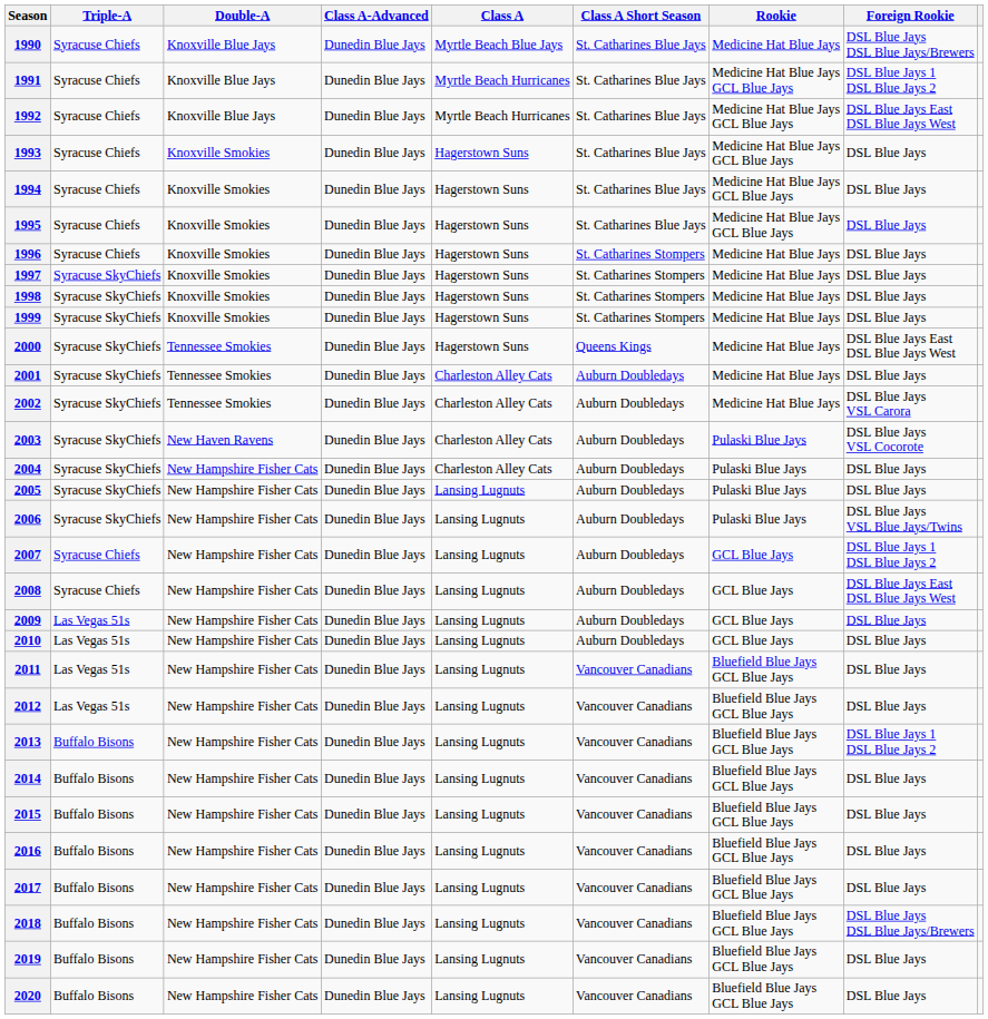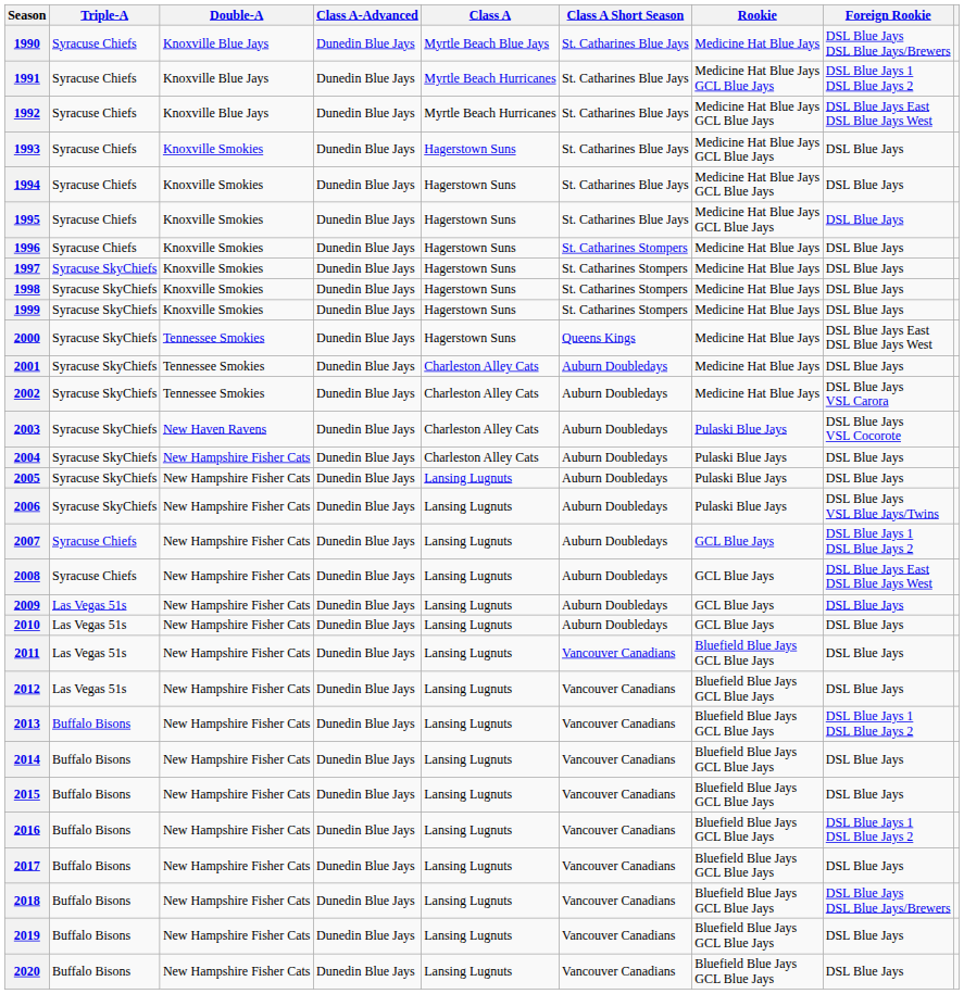 <table class="wikitable plainrowheaders">
 <tr>
 <th scope="col">Season</th>
 <th scope="col"><a href='#'><span>Triple-A</span></a></th>
 <th scope="col"><a href='#'><span>Double-A</span></a></th>
 <th scope="col"><a href='#'><span>Class A-Advanced</span></a></th>
 <th scope="col"><a href='#'><span>Class A</span></a></th>
 <th scope="col"><a href='#'><span>Class A Short Season</span></a></th>
 <th scope="col"><a href='#'><span>Rookie</span></a></th>
 <th scope="col"><a href='#'><span>Foreign Rookie</span></a></th>
 <th scope="col"></th>
 </tr>
 <tr>
 <th scope="row" style="text-align:center"><a href='#'>1990</a></th>
 <td><a href='#'>Syracuse Chiefs</a></td>
 <td><a href='#'>Knoxville Blue Jays</a></td>
 <td><a href='#'>Dunedin Blue Jays</a></td>
 <td><a href='#'>Myrtle Beach Blue Jays</a></td>
 <td><a href='#'>St. Catharines Blue Jays</a></td>
 <td><a href='#'>Medicine Hat Blue Jays</a></td>
 <td><a href='#'>DSL Blue Jays</a><br><a href='#'>DSL Blue Jays/Brewers</a></td>
 <td align="center"></td>
 </tr>
 <tr>
 <th scope="row" style="text-align:center"><a href='#'>1991</a></th>
 <td>Syracuse Chiefs</td>
 <td>Knoxville Blue Jays</td>
 <td>Dunedin Blue Jays</td>
 <td><a href='#'>Myrtle Beach Hurricanes</a></td>
 <td>St. Catharines Blue Jays</td>
 <td>Medicine Hat Blue Jays<br><a href='#'>GCL Blue Jays</a></td>
 <td><a href='#'>DSL Blue Jays 1</a><br><a href='#'>DSL Blue Jays 2</a></td>
 <td align="center"></td>
 </tr>
 <tr>
 <th scope="row" style="text-align:center"><a href='#'>1992</a></th>
 <td>Syracuse Chiefs</td>
 <td>Knoxville Blue Jays</td>
 <td>Dunedin Blue Jays</td>
 <td>Myrtle Beach Hurricanes</td>
 <td>St. Catharines Blue Jays</td>
 <td>Medicine Hat Blue Jays<br>GCL Blue Jays</td>
 <td><a href='#'>DSL Blue Jays East</a><br><a href='#'>DSL Blue Jays West</a></td>
 <td align="center"></td>
 </tr>
 <tr>
 <th scope="row" style="text-align:center"><a href='#'>1993</a></th>
 <td>Syracuse Chiefs</td>
 <td><a href='#'>Knoxville Smokies</a></td>
 <td>Dunedin Blue Jays</td>
 <td><a href='#'>Hagerstown Suns</a></td>
 <td>St. Catharines Blue Jays</td>
 <td>Medicine Hat Blue Jays<br>GCL Blue Jays</td>
 <td>DSL Blue Jays</td>
 <td align="center"></td>
 </tr>
 <tr>
 <th scope="row" style="text-align:center"><a href='#'>1994</a></th>
 <td>Syracuse Chiefs</td>
 <td>Knoxville Smokies</td>
 <td>Dunedin Blue Jays</td>
 <td>Hagerstown Suns</td>
 <td>St. Catharines Blue Jays</td>
 <td>Medicine Hat Blue Jays<br>GCL Blue Jays</td>
 <td>DSL Blue Jays</td>
 <td align="center"></td>
 </tr>
 <tr>
 <th scope="row" style="text-align:center"><a href='#'>1995</a></th>
 <td>Syracuse Chiefs</td>
 <td>Knoxville Smokies</td>
 <td>Dunedin Blue Jays</td>
 <td>Hagerstown Suns</td>
 <td>St. Catharines Blue Jays</td>
 <td>Medicine Hat Blue Jays<br>GCL Blue Jays</td>
 <td><a href='#'>DSL Blue Jays</a></td>
 <td align="center"></td>
 </tr>
 <tr>
 <th scope="row" style="text-align:center"><a href='#'>1996</a></th>
 <td>Syracuse Chiefs</td>
 <td>Knoxville Smokies</td>
 <td>Dunedin Blue Jays</td>
 <td>Hagerstown Suns</td>
 <td><a href='#'>St. Catharines Stompers</a></td>
 <td>Medicine Hat Blue Jays</td>
 <td>DSL Blue Jays</td>
 <td align="center"></td>
 </tr>
 <tr>
 <th scope="row" style="text-align:center"><a href='#'>1997</a></th>
 <td><a href='#'>Syracuse SkyChiefs</a></td>
 <td>Knoxville Smokies</td>
 <td>Dunedin Blue Jays</td>
 <td>Hagerstown Suns</td>
 <td>St. Catharines Stompers</td>
 <td>Medicine Hat Blue Jays</td>
 <td>DSL Blue Jays</td>
 <td align="center"></td>
 </tr>
 <tr>
 <th scope="row" style="text-align:center"><a href='#'>1998</a></th>
 <td>Syracuse SkyChiefs</td>
 <td>Knoxville Smokies</td>
 <td>Dunedin Blue Jays</td>
 <td>Hagerstown Suns</td>
 <td>St. Catharines Stompers</td>
 <td>Medicine Hat Blue Jays</td>
 <td>DSL Blue Jays</td>
 <td align="center"></td>
 </tr>
 <tr>
 <th scope="row" style="text-align:center"><a href='#'>1999</a></th>
 <td>Syracuse SkyChiefs</td>
 <td>Knoxville Smokies</td>
 <td>Dunedin Blue Jays</td>
 <td>Hagerstown Suns</td>
 <td>St. Catharines Stompers</td>
 <td>Medicine Hat Blue Jays</td>
 <td>DSL Blue Jays</td>
 <td align="center"></td>
 </tr>
 <tr>
 <th scope="row" style="text-align:center"><a href='#'>2000</a></th>
 <td>Syracuse SkyChiefs</td>
 <td><a href='#'>Tennessee Smokies</a></td>
 <td>Dunedin Blue Jays</td>
 <td>Hagerstown Suns</td>
 <td><a href='#'>Queens Kings</a></td>
 <td>Medicine Hat Blue Jays</td>
 <td>DSL Blue Jays East<br>DSL Blue Jays West</td>
 <td align="center"></td>
 </tr>
 <tr>
 <th scope="row" style="text-align:center"><a href='#'>2001</a></th>
 <td>Syracuse SkyChiefs</td>
 <td>Tennessee Smokies</td>
 <td>Dunedin Blue Jays</td>
 <td><a href='#'>Charleston Alley Cats</a></td>
 <td><a href='#'>Auburn Doubledays</a></td>
 <td>Medicine Hat Blue Jays</td>
 <td>DSL Blue Jays</td>
 <td align="center"></td>
 </tr>
 <tr>
 <th scope="row" style="text-align:center"><a href='#'>2002</a></th>
 <td>Syracuse SkyChiefs</td>
 <td>Tennessee Smokies</td>
 <td>Dunedin Blue Jays</td>
 <td>Charleston Alley Cats</td>
 <td>Auburn Doubledays</td>
 <td>Medicine Hat Blue Jays</td>
 <td>DSL Blue Jays<br><a href='#'>VSL Carora</a></td>
 <td align="center"></td>
 </tr>
 <tr>
 <th scope="row" style="text-align:center"><a href='#'>2003</a></th>
 <td>Syracuse SkyChiefs</td>
 <td><a href='#'>New Haven Ravens</a></td>
 <td>Dunedin Blue Jays</td>
 <td>Charleston Alley Cats</td>
 <td>Auburn Doubledays</td>
 <td><a href='#'>Pulaski Blue Jays</a></td>
 <td>DSL Blue Jays<br><a href='#'>VSL Cocorote</a></td>
 <td align="center"></td>
 </tr>
 <tr>
 <th scope="row" style="text-align:center"><a href='#'>2004</a></th>
 <td>Syracuse SkyChiefs</td>
 <td><a href='#'>New Hampshire Fisher Cats</a></td>
 <td>Dunedin Blue Jays</td>
 <td>Charleston Alley Cats</td>
 <td>Auburn Doubledays</td>
 <td>Pulaski Blue Jays</td>
 <td>DSL Blue Jays</td>
 <td align="center"></td>
 </tr>
 <tr>
 <th scope="row" style="text-align:center"><a href='#'>2005</a></th>
 <td>Syracuse SkyChiefs</td>
 <td>New Hampshire Fisher Cats</td>
 <td>Dunedin Blue Jays</td>
 <td><a href='#'>Lansing Lugnuts</a></td>
 <td>Auburn Doubledays</td>
 <td>Pulaski Blue Jays</td>
 <td>DSL Blue Jays</td>
 <td align="center"></td>
 </tr>
 <tr>
 <th scope="row" style="text-align:center"><a href='#'>2006</a></th>
 <td>Syracuse SkyChiefs</td>
 <td>New Hampshire Fisher Cats</td>
 <td>Dunedin Blue Jays</td>
 <td>Lansing Lugnuts</td>
 <td>Auburn Doubledays</td>
 <td>Pulaski Blue Jays</td>
 <td>DSL Blue Jays<br><a href='#'>VSL Blue Jays/Twins</a></td>
 <td align="center"></td>
 </tr>
 <tr>
 <th scope="row" style="text-align:center"><a href='#'>2007</a></th>
 <td><a href='#'>Syracuse Chiefs</a></td>
 <td>New Hampshire Fisher Cats</td>
 <td>Dunedin Blue Jays</td>
 <td>Lansing Lugnuts</td>
 <td>Auburn Doubledays</td>
 <td><a href='#'>GCL Blue Jays</a></td>
 <td><a href='#'>DSL Blue Jays 1</a><br><a href='#'>DSL Blue Jays 2</a></td>
 <td align="center"></td>
 </tr>
 <tr>
 <th scope="row" style="text-align:center"><a href='#'>2008</a></th>
 <td>Syracuse Chiefs</td>
 <td>New Hampshire Fisher Cats</td>
 <td>Dunedin Blue Jays</td>
 <td>Lansing Lugnuts</td>
 <td>Auburn Doubledays</td>
 <td>GCL Blue Jays</td>
 <td><a href='#'>DSL Blue Jays East</a><br><a href='#'>DSL Blue Jays West</a></td>
 <td align="center"></td>
 </tr>
 <tr>
 <th scope="row" style="text-align:center"><a href='#'>2009</a></th>
 <td><a href='#'>Las Vegas 51s</a></td>
 <td>New Hampshire Fisher Cats</td>
 <td>Dunedin Blue Jays</td>
 <td>Lansing Lugnuts</td>
 <td>Auburn Doubledays</td>
 <td>GCL Blue Jays</td>
 <td><a href='#'>DSL Blue Jays</a></td>
 <td align="center"></td>
 </tr>
 <tr>
 <th scope="row" style="text-align:center"><a href='#'>2010</a></th>
 <td>Las Vegas 51s</td>
 <td>New Hampshire Fisher Cats</td>
 <td>Dunedin Blue Jays</td>
 <td>Lansing Lugnuts</td>
 <td>Auburn Doubledays</td>
 <td>GCL Blue Jays</td>
 <td>DSL Blue Jays</td>
 <td align="center"></td>
 </tr>
 <tr>
 <th scope="row" style="text-align:center"><a href='#'>2011</a></th>
 <td>Las Vegas 51s</td>
 <td>New Hampshire Fisher Cats</td>
 <td>Dunedin Blue Jays</td>
 <td>Lansing Lugnuts</td>
 <td><a href='#'>Vancouver Canadians</a></td>
 <td><a href='#'>Bluefield Blue Jays</a><br>GCL Blue Jays</td>
 <td>DSL Blue Jays</td>
 <td align="center"></td>
 </tr>
 <tr>
 <th scope="row" style="text-align:center"><a href='#'>2012</a></th>
 <td>Las Vegas 51s</td>
 <td>New Hampshire Fisher Cats</td>
 <td>Dunedin Blue Jays</td>
 <td>Lansing Lugnuts</td>
 <td>Vancouver Canadians</td>
 <td>Bluefield Blue Jays<br>GCL Blue Jays</td>
 <td>DSL Blue Jays</td>
 <td align="center"></td>
 </tr>
 <tr>
 <th scope="row" style="text-align:center"><a href='#'>2013</a></th>
 <td><a href='#'>Buffalo Bisons</a></td>
 <td>New Hampshire Fisher Cats</td>
 <td>Dunedin Blue Jays</td>
 <td>Lansing Lugnuts</td>
 <td>Vancouver Canadians</td>
 <td>Bluefield Blue Jays<br>GCL Blue Jays</td>
 <td><a href='#'>DSL Blue Jays 1</a><br> <a href='#'>DSL Blue Jays 2</a></td>
 <td align="center"></td>
 </tr>
 <tr>
 <th scope="row" style="text-align:center"><a href='#'>2014</a></th>
 <td>Buffalo Bisons</td>
 <td>New Hampshire Fisher Cats</td>
 <td>Dunedin Blue Jays</td>
 <td>Lansing Lugnuts</td>
 <td>Vancouver Canadians</td>
 <td>Bluefield Blue Jays<br>GCL Blue Jays</td>
 <td>DSL Blue Jays</td>
 <td align="center"></td>
 </tr>
 <tr>
 <th scope="row" style="text-align:center"><a href='#'>2015</a></th>
 <td>Buffalo Bisons</td>
 <td>New Hampshire Fisher Cats</td>
 <td>Dunedin Blue Jays</td>
 <td>Lansing Lugnuts</td>
 <td>Vancouver Canadians</td>
 <td>Bluefield Blue Jays<br>GCL Blue Jays</td>
 <td>DSL Blue Jays</td>
 <td align="center"></td>
 </tr>
 <tr>
 <th scope="row" style="text-align:center"><a href='#'>2016</a></th>
 <td>Buffalo Bisons</td>
 <td>New Hampshire Fisher Cats</td>
 <td>Dunedin Blue Jays</td>
 <td>Lansing Lugnuts</td>
 <td>Vancouver Canadians</td>
 <td>Bluefield Blue Jays<br>GCL Blue Jays</td>
-<td>DSL Blue Jays</td>
+<td><a href='#'>DSL Blue Jays 1</a><br><a href='#'>DSL Blue Jays 2</a></td>
 <td align="center"></td>
 </tr>
 <tr>
 <th scope="row" style="text-align:center"><a href='#'>2017</a></th>
 <td>Buffalo Bisons</td>
 <td>New Hampshire Fisher Cats</td>
 <td>Dunedin Blue Jays</td>
 <td>Lansing Lugnuts</td>
 <td>Vancouver Canadians</td>
 <td>Bluefield Blue Jays<br>GCL Blue Jays</td>
 <td>DSL Blue Jays</td>
 <td align="center"></td>
 </tr>
 <tr>
 <th scope="row" style="text-align:center"><a href='#'>2018</a></th>
 <td>Buffalo Bisons</td>
 <td>New Hampshire Fisher Cats</td>
 <td>Dunedin Blue Jays</td>
 <td>Lansing Lugnuts</td>
 <td>Vancouver Canadians</td>
 <td>Bluefield Blue Jays<br>GCL Blue Jays</td>
 <td><a href='#'>DSL Blue Jays</a><br><a href='#'>DSL Blue Jays/Brewers</a></td>
 <td align="center"></td>
 </tr>
 <tr>
 <th scope="row" style="text-align:center"><a href='#'>2019</a></th>
 <td>Buffalo Bisons</td>
 <td>New Hampshire Fisher Cats</td>
 <td>Dunedin Blue Jays</td>
 <td>Lansing Lugnuts</td>
 <td>Vancouver Canadians</td>
 <td>Bluefield Blue Jays<br>GCL Blue Jays</td>
 <td>DSL Blue Jays</td>
 <td align="center"></td>
 </tr>
 <tr>
 <th scope="row" style="text-align:center"><a href='#'>2020</a></th>
 <td>Buffalo Bisons</td>
 <td>New Hampshire Fisher Cats</td>
 <td>Dunedin Blue Jays</td>
 <td>Lansing Lugnuts</td>
 <td>Vancouver Canadians</td>
 <td>Bluefield Blue Jays<br>GCL Blue Jays</td>
 <td>DSL Blue Jays</td>
 <td align="center"></td>
 </tr>
 </table>
